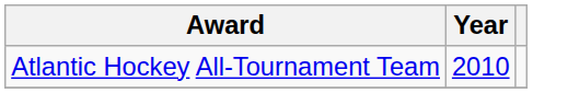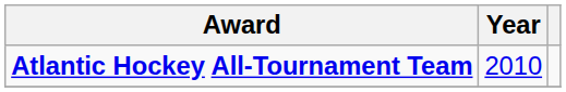 <table class="wikitable">
 <tr>
 <th>Award</th>
 <th>Year</th>
 <th></th>
 </tr>
 <tr>
-<td><a href='#'>Atlantic Hockey</a> <a href='#'>All-Tournament Team</a></td>
+<td><strong><a href='#'>Atlantic Hockey</a> <a href='#'>All-Tournament Team</a></strong></td>
 <td><a href='#'>2010</a></td>
 <td></td>
 </tr>
 <tr>
 </tr>
 </table>
